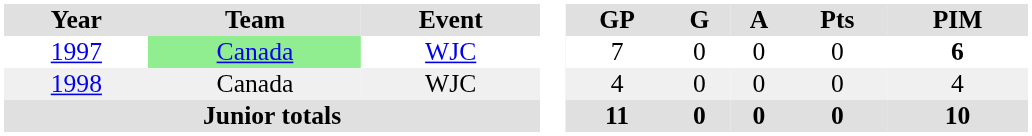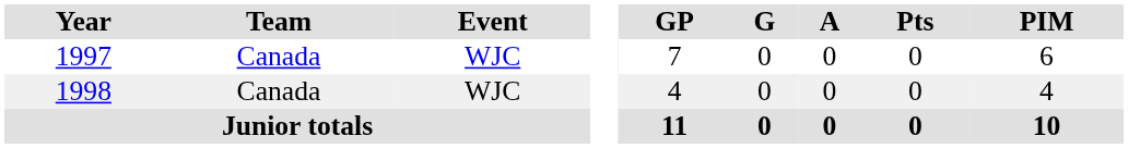 <table border="0" cellpadding="1" cellspacing="0" style="text-align:center; width:40em">
 <tr ALIGN="center" bgcolor="#e0e0e0">
 <th>Year</th>
 <th>Team</th>
 <th>Event</th>
 <th rowspan="99" bgcolor="#ffffff"> </th>
 <th>GP</th>
 <th>G</th>
 <th>A</th>
 <th>Pts</th>
 <th>PIM</th>
 </tr>
 <tr>
 <td><a href='#'>1997</a></td>
-<td style="background: lightgreen;"><a href='#'>Canada</a></td>
+<td><a href='#'>Canada</a></td>
 <td><a href='#'>WJC</a></td>
 <td>7</td>
 <td>0</td>
 <td>0</td>
 <td>0</td>
-<td><strong>6</strong></td>
+<td>6</td>
 </tr>
 <tr bgcolor="#f0f0f0">
 <td><a href='#'>1998</a></td>
 <td>Canada</td>
 <td>WJC</td>
 <td>4</td>
 <td>0</td>
 <td>0</td>
 <td>0</td>
 <td>4</td>
 </tr>
 <tr bgcolor="#e0e0e0">
 <th colspan=3>Junior totals</th>
 <th>11</th>
 <th>0</th>
 <th>0</th>
 <th>0</th>
 <th>10</th>
 </tr>
 </table>
